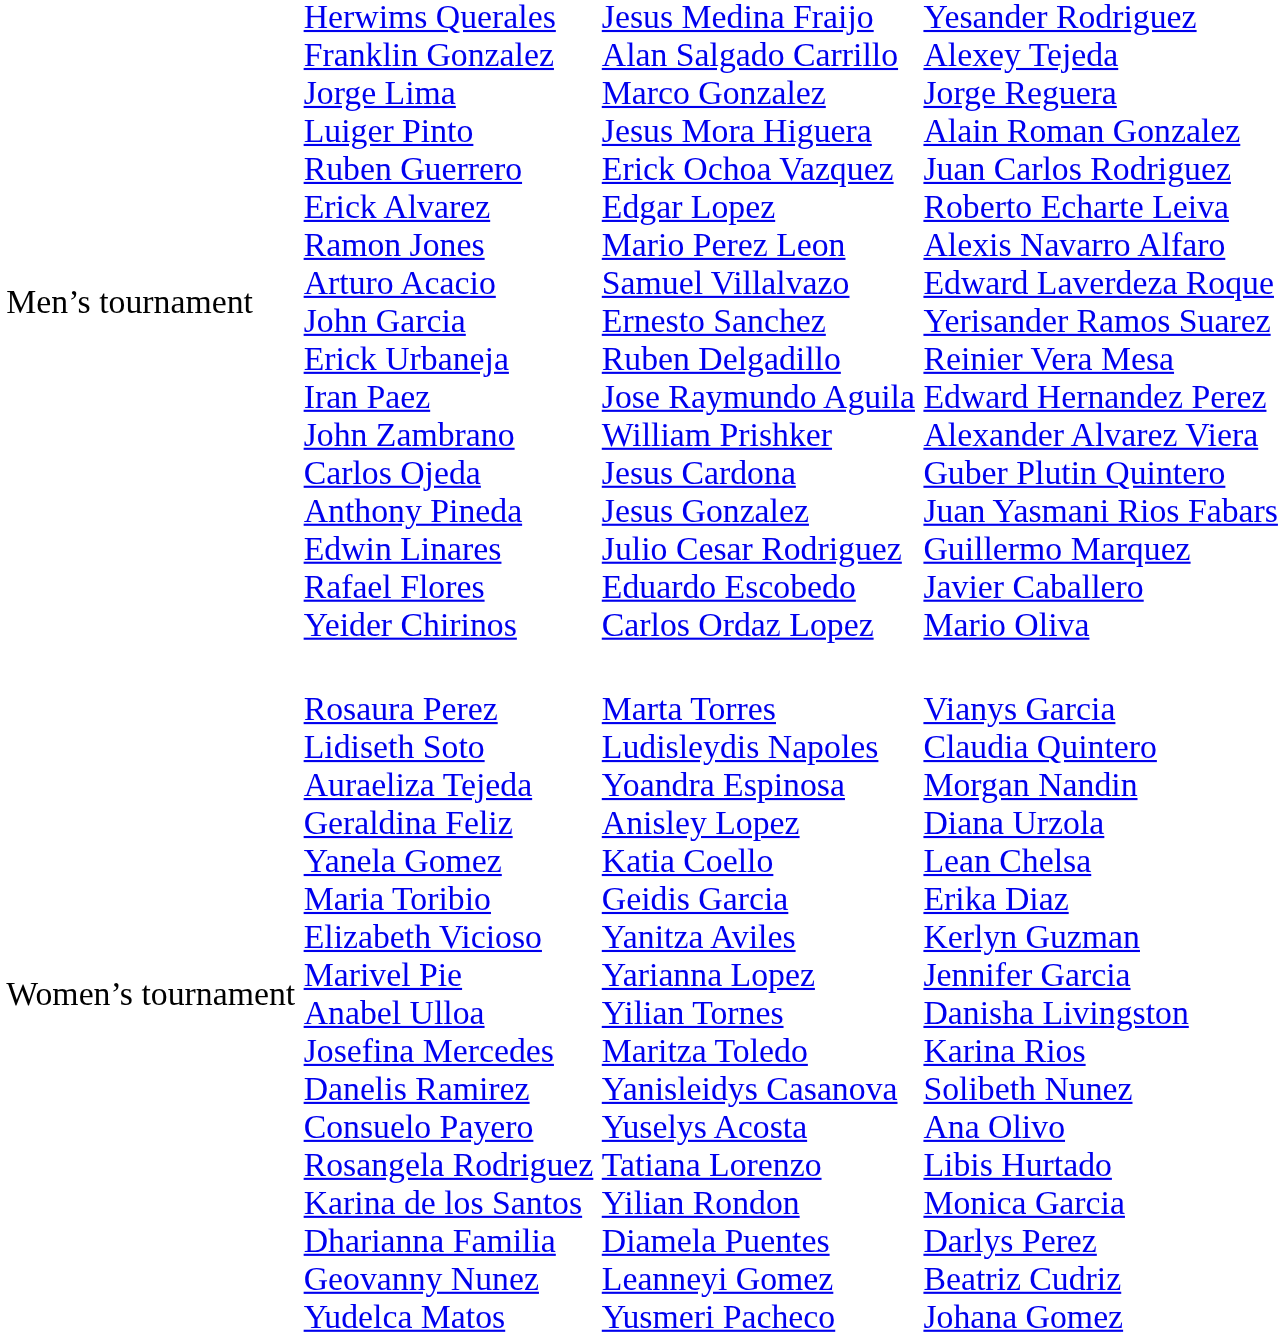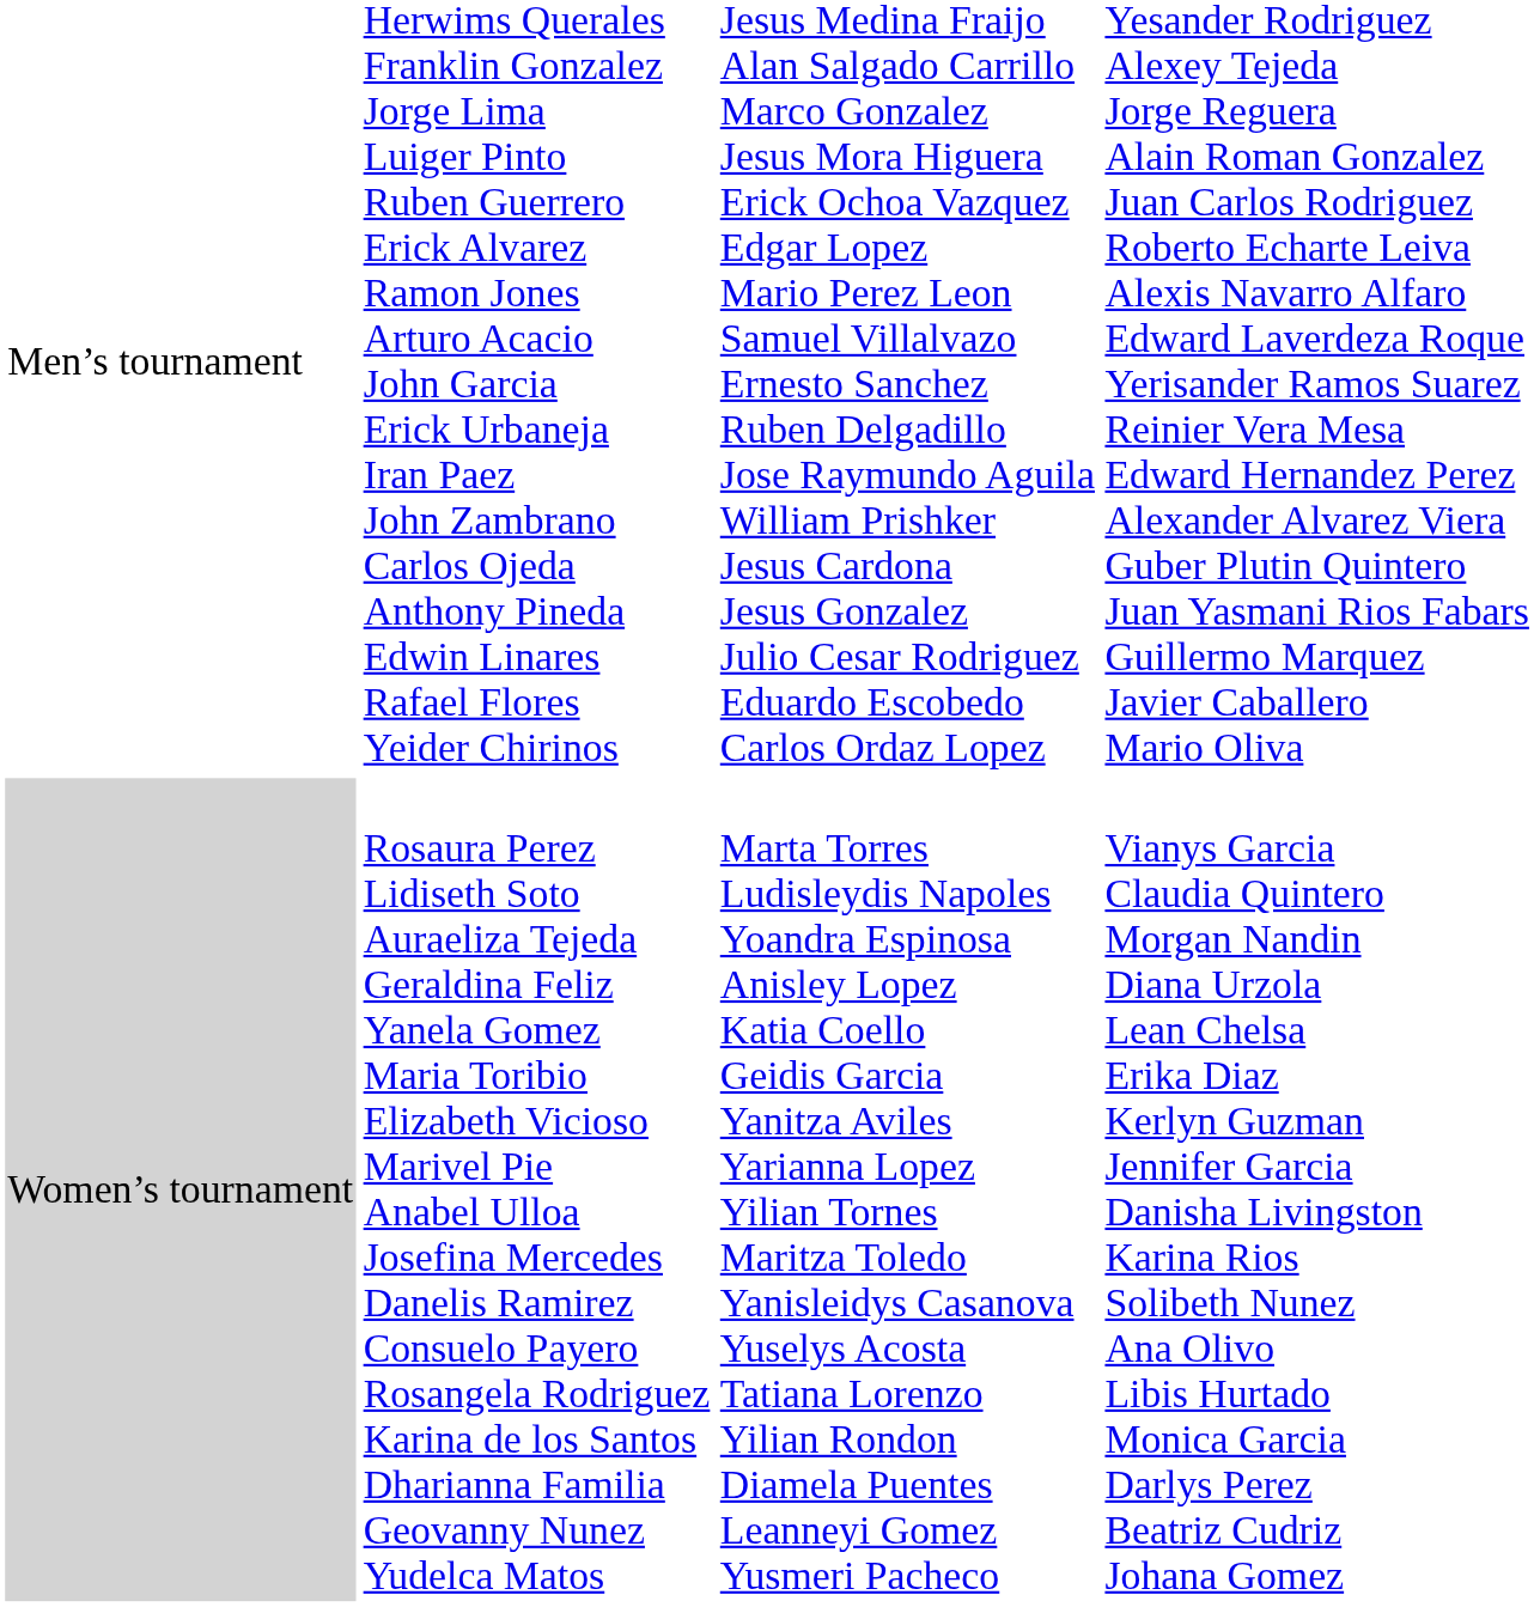 <table>
 <tr>
 <td>Men’s tournament</td>
 <td><br><a href='#'>Herwims Querales</a><br><a href='#'>Franklin Gonzalez</a><br><a href='#'>Jorge Lima</a><br><a href='#'>Luiger Pinto</a><br><a href='#'>Ruben Guerrero</a><br><a href='#'>Erick Alvarez</a><br><a href='#'>Ramon Jones</a><br><a href='#'>Arturo Acacio</a><br><a href='#'>John Garcia</a><br><a href='#'>Erick Urbaneja</a><br><a href='#'>Iran Paez</a><br><a href='#'>John Zambrano</a><br><a href='#'>Carlos Ojeda</a><br><a href='#'>Anthony Pineda</a><br><a href='#'>Edwin Linares</a><br><a href='#'>Rafael Flores</a><br><a href='#'>Yeider Chirinos</a></td>
 <td><br><a href='#'>Jesus Medina Fraijo</a><br><a href='#'>Alan Salgado Carrillo</a><br><a href='#'>Marco Gonzalez</a><br><a href='#'>Jesus Mora Higuera</a><br><a href='#'>Erick Ochoa Vazquez</a><br><a href='#'>Edgar Lopez</a><br><a href='#'>Mario Perez Leon</a><br><a href='#'>Samuel Villalvazo</a><br><a href='#'>Ernesto Sanchez</a><br><a href='#'>Ruben Delgadillo</a><br><a href='#'>Jose Raymundo Aguila</a><br><a href='#'>William Prishker</a><br><a href='#'>Jesus Cardona</a><br><a href='#'>Jesus Gonzalez</a><br><a href='#'>Julio Cesar Rodriguez</a><br><a href='#'>Eduardo Escobedo</a><br><a href='#'>Carlos Ordaz Lopez</a></td>
 <td><br><a href='#'>Yesander Rodriguez</a><br><a href='#'>Alexey Tejeda</a><br><a href='#'>Jorge Reguera</a><br><a href='#'>Alain Roman Gonzalez</a><br><a href='#'>Juan Carlos Rodriguez</a><br><a href='#'>Roberto Echarte Leiva</a><br><a href='#'>Alexis Navarro Alfaro</a><br><a href='#'>Edward Laverdeza Roque</a><br><a href='#'>Yerisander Ramos Suarez</a><br><a href='#'>Reinier Vera Mesa</a><br><a href='#'>Edward Hernandez Perez</a><br><a href='#'>Alexander Alvarez Viera</a><br><a href='#'>Guber Plutin Quintero</a><br><a href='#'>Juan Yasmani Rios Fabars</a><br><a href='#'>Guillermo Marquez</a><br><a href='#'>Javier Caballero</a><br><a href='#'>Mario Oliva</a></td>
 </tr>
 <tr>
-<td>Women’s tournament</td>
+<td style="background: lightgrey;">Women’s tournament</td>
 <td><br><a href='#'>Rosaura Perez</a><br><a href='#'>Lidiseth Soto</a><br><a href='#'>Auraeliza Tejeda</a><br><a href='#'>Geraldina Feliz</a><br><a href='#'>Yanela Gomez</a><br><a href='#'>Maria Toribio</a><br><a href='#'>Elizabeth Vicioso</a><br><a href='#'>Marivel Pie</a><br><a href='#'>Anabel Ulloa</a><br><a href='#'>Josefina Mercedes</a><br><a href='#'>Danelis Ramirez</a><br><a href='#'>Consuelo Payero</a><br><a href='#'>Rosangela Rodriguez</a><br><a href='#'>Karina de los Santos</a><br><a href='#'>Dharianna Familia</a><br><a href='#'>Geovanny Nunez</a><br><a href='#'>Yudelca Matos</a></td>
 <td><br><a href='#'>Marta Torres</a><br><a href='#'>Ludisleydis Napoles</a><br><a href='#'>Yoandra Espinosa</a><br><a href='#'>Anisley Lopez</a><br><a href='#'>Katia Coello</a><br><a href='#'>Geidis Garcia</a><br><a href='#'>Yanitza Aviles</a><br><a href='#'>Yarianna Lopez</a><br><a href='#'>Yilian Tornes</a><br><a href='#'>Maritza Toledo</a><br><a href='#'>Yanisleidys Casanova</a><br><a href='#'>Yuselys Acosta</a><br><a href='#'>Tatiana Lorenzo</a><br><a href='#'>Yilian Rondon</a><br><a href='#'>Diamela Puentes</a><br><a href='#'>Leanneyi Gomez</a><br><a href='#'>Yusmeri Pacheco</a></td>
 <td><br><a href='#'>Vianys Garcia</a><br><a href='#'>Claudia Quintero</a><br><a href='#'>Morgan Nandin</a><br><a href='#'>Diana Urzola</a><br><a href='#'>Lean Chelsa</a><br><a href='#'>Erika Diaz</a><br><a href='#'>Kerlyn Guzman</a><br><a href='#'>Jennifer Garcia</a><br><a href='#'>Danisha Livingston</a><br><a href='#'>Karina Rios</a><br><a href='#'>Solibeth Nunez</a><br><a href='#'>Ana Olivo</a><br><a href='#'>Libis Hurtado</a><br><a href='#'>Monica Garcia</a><br><a href='#'>Darlys Perez</a><br><a href='#'>Beatriz Cudriz</a><br><a href='#'>Johana Gomez</a></td>
 </tr>
 <tr>
 </tr>
 </table>
